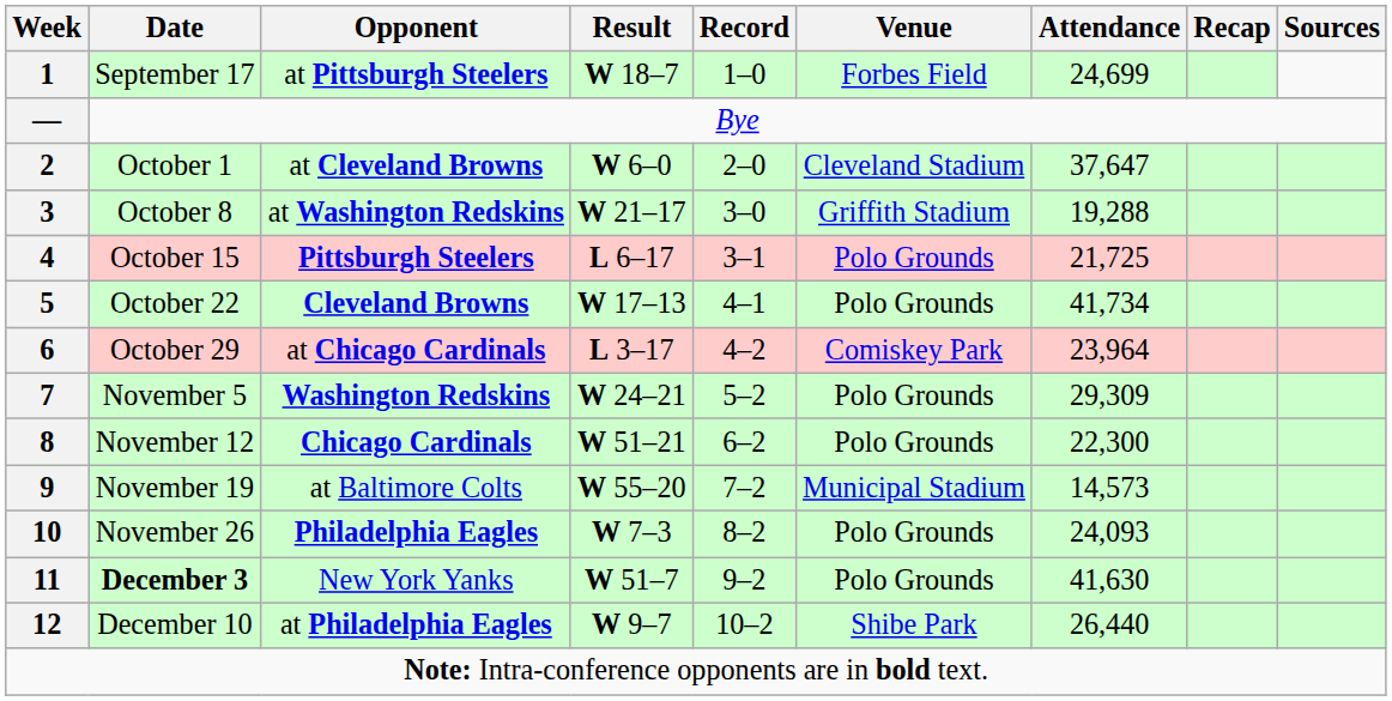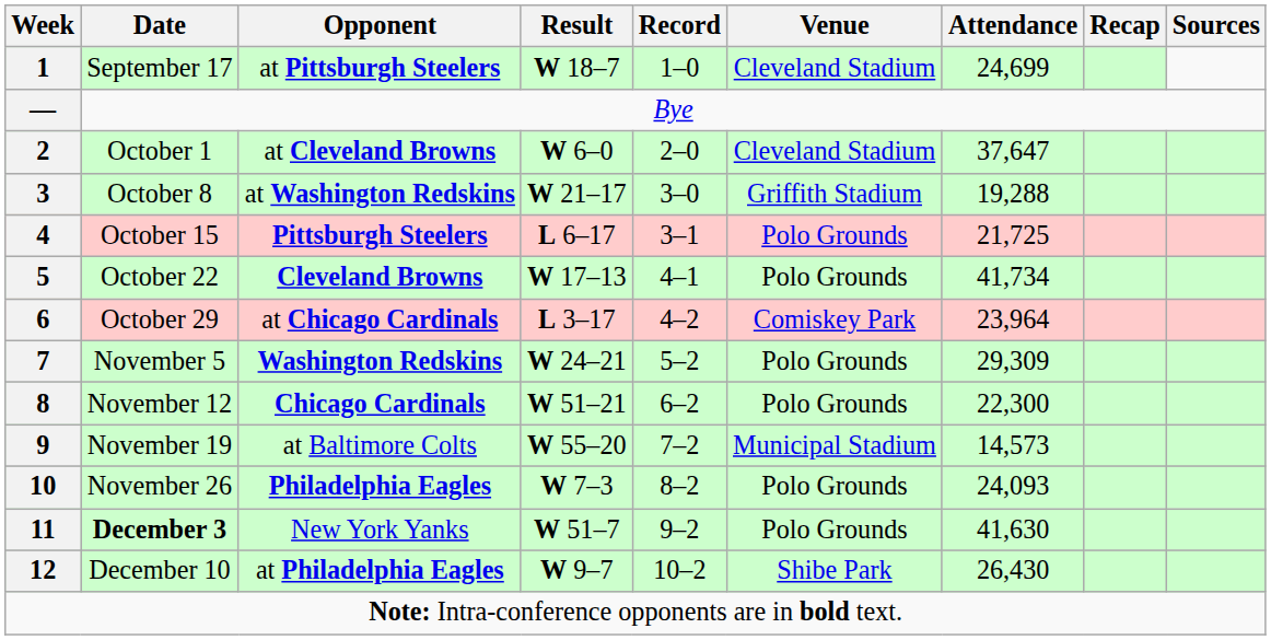 <table class="wikitable" style="text-align:center">
 <tr>
 <th>Week</th>
 <th>Date</th>
 <th>Opponent</th>
 <th>Result</th>
 <th>Record</th>
 <th>Venue</th>
 <th>Attendance</th>
 <th>Recap</th>
 <th>Sources</th>
 </tr>
 <tr style="background:#cfc;">
 <th>1</th>
 <td>September 17</td>
 <td>at <strong><a href='#'>Pittsburgh Steelers</a></strong></td>
 <td><strong>W</strong> 18–7</td>
 <td>1–0</td>
-<td><a href='#'>Forbes Field</a></td>
+<td><a href='#'>Cleveland Stadium</a></td>
 <td style="text-align:center">24,699</td>
 <td></td>
 </tr>
 <tr style="background:">
 <th>—</th>
 <td colspan="8" style="text-align:center"><em><a href='#'>Bye</a></em></td>
 </tr>
 <tr style="background: #cfc;">
 <th>2</th>
 <td>October 1</td>
 <td>at <strong><a href='#'>Cleveland Browns</a></strong></td>
 <td><strong>W</strong> 6–0</td>
 <td>2–0</td>
 <td><a href='#'>Cleveland Stadium</a></td>
 <td style="text-align:center">37,647</td>
 <td></td>
 <td></td>
 </tr>
 <tr style="background: #cfc;">
 <th>3</th>
 <td>October 8</td>
 <td>at <strong><a href='#'>Washington Redskins</a></strong></td>
 <td><strong>W</strong> 21–17</td>
 <td>3–0</td>
 <td><a href='#'>Griffith Stadium</a></td>
 <td>19,288</td>
 <td></td>
 <td></td>
 </tr>
 <tr style="background: #fcc;">
 <th>4</th>
 <td>October 15</td>
 <td><strong><a href='#'>Pittsburgh Steelers</a></strong></td>
 <td><strong>L</strong> 6–17</td>
 <td>3–1</td>
 <td><a href='#'>Polo Grounds</a></td>
 <td>21,725</td>
 <td></td>
 <td></td>
 </tr>
 <tr style="background: #cfc;">
 <th>5</th>
 <td>October 22</td>
 <td><strong><a href='#'>Cleveland Browns</a></strong></td>
 <td><strong>W</strong> 17–13</td>
 <td>4–1</td>
 <td>Polo Grounds</td>
 <td>41,734</td>
 <td></td>
 <td></td>
 </tr>
 <tr style="background: #fcc;">
 <th>6</th>
 <td>October 29</td>
 <td>at <strong><a href='#'>Chicago Cardinals</a></strong></td>
 <td><strong>L</strong>  3–17</td>
 <td>4–2</td>
 <td><a href='#'>Comiskey Park</a></td>
 <td>23,964</td>
 <td></td>
 <td></td>
 </tr>
 <tr style="background: #cfc;">
 <th>7</th>
 <td>November 5</td>
 <td><strong><a href='#'>Washington Redskins</a></strong></td>
 <td><strong>W</strong> 24–21</td>
 <td>5–2</td>
 <td>Polo Grounds</td>
 <td>29,309</td>
 <td></td>
 <td></td>
 </tr>
 <tr style="background: #cfc;">
 <th>8</th>
 <td>November 12</td>
 <td><strong><a href='#'>Chicago Cardinals</a></strong></td>
 <td><strong>W</strong> 51–21</td>
 <td>6–2</td>
 <td>Polo Grounds</td>
 <td>22,300</td>
 <td></td>
 <td></td>
 </tr>
 <tr style="background: #cfc;">
 <th>9</th>
 <td>November 19</td>
 <td>at <a href='#'>Baltimore Colts</a></td>
 <td><strong>W</strong> 55–20</td>
 <td>7–2</td>
 <td><a href='#'>Municipal Stadium</a></td>
 <td>14,573</td>
 <td></td>
 <td></td>
 </tr>
 <tr style="background: #cfc;">
 <th>10</th>
 <td>November 26</td>
 <td><strong><a href='#'>Philadelphia Eagles</a></strong></td>
 <td><strong>W</strong> 7–3</td>
 <td>8–2</td>
 <td>Polo Grounds</td>
 <td>24,093</td>
 <td></td>
 <td></td>
 </tr>
 <tr style="background: #cfc;">
 <th>11</th>
 <td><strong>December 3</strong></td>
 <td><a href='#'>New York Yanks</a></td>
 <td><strong>W</strong> 51–7</td>
 <td>9–2</td>
 <td>Polo Grounds</td>
 <td>41,630</td>
 <td></td>
 <td></td>
 </tr>
 <tr style="background: #cfc;">
 <th>12</th>
 <td>December 10</td>
 <td>at  <strong><a href='#'>Philadelphia Eagles</a></strong></td>
 <td><strong>W</strong> 9–7</td>
 <td>10–2</td>
 <td><a href='#'>Shibe Park</a></td>
-<td>26,440</td>
+<td>26,430</td>
 <td></td>
 <td></td>
 </tr>
 <tr>
 <td colspan="10"><strong>Note:</strong> Intra-conference opponents are in <strong>bold</strong> text.</td>
 </tr>
 </table>
